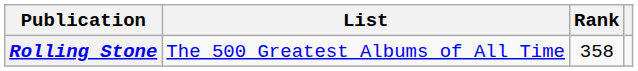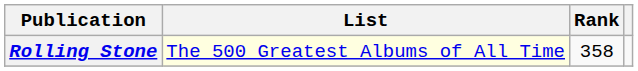 <table class="sortable wikitable plainrowheaders">
 <tr>
 <th>Publication</th>
 <th>List</th>
 <th>Rank</th>
 <th class="unsortable"></th>
 </tr>
 <tr>
 <th scope="row"><em><a href='#'>Rolling Stone</a></em></th>
-<td><a href='#'>The 500 Greatest Albums of All Time</a></td>
+<td style="background: lightyellow;"><a href='#'>The 500 Greatest Albums of All Time</a></td>
 <td style="text-align: center;">358</td>
 <td></td>
 </tr>
 </table>
